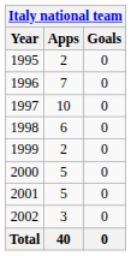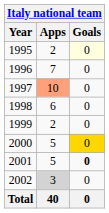 <table class="wikitable" style="text-align:center">
 <tr>
 <th colspan="3"><a href='#'>Italy national team</a></th>
 </tr>
 <tr>
 <th>Year</th>
 <th>Apps</th>
 <th>Goals</th>
 </tr>
 <tr>
 <td>1995</td>
 <td>2</td>
-<td>0</td>
+<td style="background: lightyellow;">0</td>
 </tr>
 <tr>
 <td>1996</td>
 <td>7</td>
 <td>0</td>
 </tr>
 <tr>
 <td>1997</td>
-<td>10</td>
+<td style="background: lightsalmon;">10</td>
 <td>0</td>
 </tr>
 <tr>
 <td>1998</td>
 <td>6</td>
 <td>0</td>
 </tr>
 <tr>
 <td>1999</td>
 <td>2</td>
 <td>0</td>
 </tr>
 <tr>
 <td>2000</td>
 <td>5</td>
-<td>0</td>
+<td style="background: gold;">0</td>
 </tr>
 <tr>
 <td>2001</td>
 <td>5</td>
-<td>0</td>
+<td><strong>0</strong></td>
 </tr>
 <tr>
 <td>2002</td>
-<td>3</td>
+<td style="background: lightgrey;">3</td>
 <td>0</td>
 </tr>
 <tr>
 <th>Total</th>
 <th>40</th>
 <th>0</th>
 </tr>
 </table>
